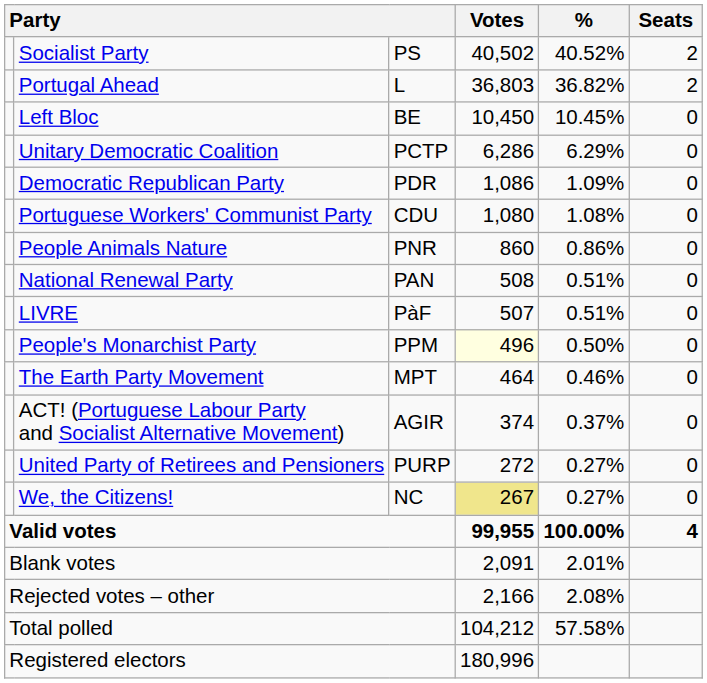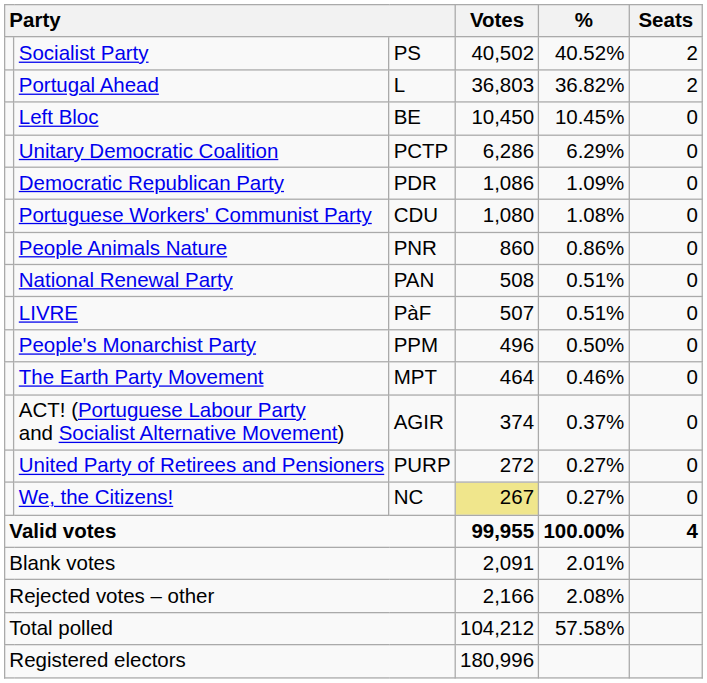 <table class="wikitable" border="1" style="text-align:right;">
 <tr>
 <th style="text-align:left;" colspan=3>Party</th>
 <th align=center width="50">Votes</th>
 <th align=center width="50">%</th>
 <th align=center width="50">Seats</th>
 </tr>
 <tr>
 <td></td>
 <td align=left><a href='#'>Socialist Party</a></td>
 <td align=left>PS</td>
 <td>40,502</td>
 <td>40.52%</td>
 <td>2</td>
 </tr>
 <tr>
 <td></td>
 <td align=left><a href='#'>Portugal Ahead</a></td>
 <td align=left>L</td>
 <td>36,803</td>
 <td>36.82%</td>
 <td>2</td>
 </tr>
 <tr>
 <td></td>
 <td align=left><a href='#'>Left Bloc</a></td>
 <td align=left>BE</td>
 <td>10,450</td>
 <td>10.45%</td>
 <td>0</td>
 </tr>
 <tr>
 <td></td>
 <td align=left style="white-space: nowrap;"><a href='#'>Unitary Democratic Coalition</a></td>
 <td align=left>PCTP</td>
 <td>6,286</td>
 <td>6.29%</td>
 <td>0</td>
 </tr>
 <tr>
 <td></td>
 <td align=left><a href='#'>Democratic Republican Party</a></td>
 <td align=left>PDR</td>
 <td>1,086</td>
 <td>1.09%</td>
 <td>0</td>
 </tr>
 <tr>
 <td></td>
 <td align=left><a href='#'>Portuguese Workers' Communist Party</a></td>
 <td align=left>CDU</td>
 <td>1,080</td>
 <td>1.08%</td>
 <td>0</td>
 </tr>
 <tr>
 <td></td>
 <td align=left><a href='#'>People Animals Nature</a></td>
 <td align=left>PNR</td>
 <td>860</td>
 <td>0.86%</td>
 <td>0</td>
 </tr>
 <tr>
 <td></td>
 <td align=left><a href='#'>National Renewal Party</a></td>
 <td align=left>PAN</td>
 <td>508</td>
 <td>0.51%</td>
 <td>0</td>
 </tr>
 <tr>
 <td></td>
 <td align=left><a href='#'>LIVRE</a></td>
 <td align=left>PàF</td>
 <td>507</td>
 <td>0.51%</td>
 <td>0</td>
 </tr>
 <tr>
 <td></td>
 <td align=left><a href='#'>People's Monarchist Party</a></td>
 <td align=left>PPM</td>
-<td style="background: lightyellow;">496</td>
+<td>496</td>
 <td>0.50%</td>
 <td>0</td>
 </tr>
 <tr>
 <td></td>
 <td align=left><a href='#'>The Earth Party Movement</a></td>
 <td align=left>MPT</td>
 <td>464</td>
 <td>0.46%</td>
 <td>0</td>
 </tr>
 <tr>
 <td></td>
 <td align=left>ACT! (<a href='#'>Portuguese Labour Party</a><br>and <a href='#'>Socialist Alternative Movement</a>)</td>
 <td align=left>AGIR</td>
 <td>374</td>
 <td>0.37%</td>
 <td>0</td>
 </tr>
 <tr>
 <td></td>
 <td align=left><a href='#'>United Party of Retirees and Pensioners</a></td>
 <td align=left>PURP</td>
 <td>272</td>
 <td>0.27%</td>
 <td>0</td>
 </tr>
 <tr>
 <td></td>
 <td align=left><a href='#'>We, the Citizens!</a></td>
 <td align=left>NC</td>
 <td style="background: khaki;">267</td>
 <td>0.27%</td>
 <td>0</td>
 </tr>
 <tr style="font-weight:bold">
 <td align=left colspan=3>Valid votes</td>
 <td>99,955</td>
 <td>100.00%</td>
 <td>4</td>
 </tr>
 <tr>
 <td align=left colspan=3>Blank votes</td>
 <td>2,091</td>
 <td>2.01%</td>
 <td></td>
 </tr>
 <tr>
 <td align=left colspan=3>Rejected votes – other</td>
 <td>2,166</td>
 <td>2.08%</td>
 <td></td>
 </tr>
 <tr>
 <td align=left colspan=3>Total polled</td>
 <td>104,212</td>
 <td>57.58%</td>
 <td></td>
 </tr>
 <tr>
 <td align=left colspan=3>Registered electors</td>
 <td>180,996</td>
 <td></td>
 <td></td>
 </tr>
 </table>
